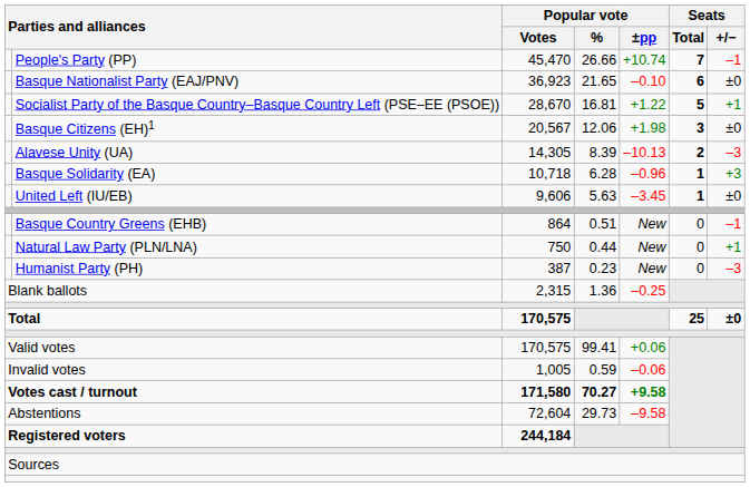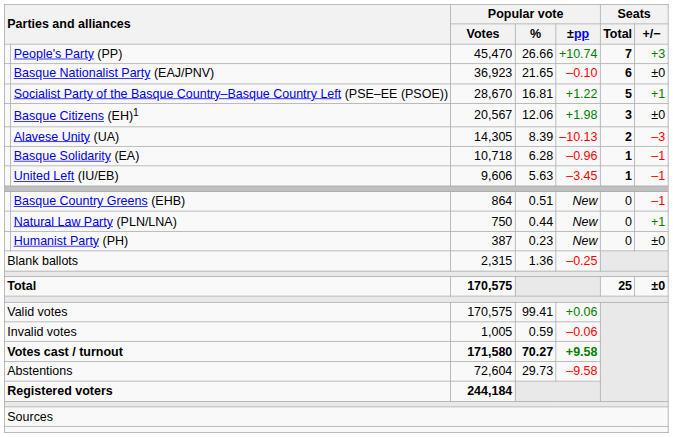 <table class="wikitable" style="text-align:right;">
 <tr>
 <th style="text-align:left;" rowspan="2" colspan="2" width="525">Parties and alliances</th>
 <th colspan="3">Popular vote</th>
 <th colspan="2">Seats</th>
 </tr>
 <tr>
 <th width="75">Votes</th>
 <th width="45">%</th>
 <th width="45">±<a href='#'>pp</a></th>
 <th width="35">Total</th>
 <th width="35">+/−</th>
 </tr>
 <tr>
 <td width="1" style="color:inherit;background:"></td>
 <td align="left"><a href='#'>People's Party</a> (PP)</td>
 <td>45,470</td>
 <td>26.66</td>
 <td style="color:green;">+10.74</td>
 <td><strong>7</strong></td>
-<td style="color:red;">–1</td>
+<td style="color:green;">+3</td>
 </tr>
 <tr>
 <td style="color:inherit;background:"></td>
 <td align="left"><a href='#'>Basque Nationalist Party</a> (EAJ/PNV)</td>
 <td>36,923</td>
 <td>21.65</td>
 <td style="color:red;">–0.10</td>
 <td><strong>6</strong></td>
 <td>±0</td>
 </tr>
 <tr>
 <td style="color:inherit;background:"></td>
 <td align="left"><a href='#'>Socialist Party of the Basque Country–Basque Country Left</a> (PSE–EE (PSOE))</td>
 <td>28,670</td>
 <td>16.81</td>
 <td style="color:green;">+1.22</td>
 <td><strong>5</strong></td>
 <td style="color:green;">+1</td>
 </tr>
 <tr>
 <td style="color:inherit;background:"></td>
 <td align="left"><a href='#'>Basque Citizens</a> (EH)<sup>1</sup></td>
 <td>20,567</td>
 <td>12.06</td>
 <td style="color:green;">+1.98</td>
 <td><strong>3</strong></td>
 <td>±0</td>
 </tr>
 <tr>
 <td style="color:inherit;background:"></td>
 <td align="left"><a href='#'>Alavese Unity</a> (UA)</td>
 <td>14,305</td>
 <td>8.39</td>
 <td style="color:red;">–10.13</td>
 <td><strong>2</strong></td>
 <td style="color:red;">–3</td>
 </tr>
 <tr>
 <td style="color:inherit;background:"></td>
 <td align="left"><a href='#'>Basque Solidarity</a> (EA)</td>
 <td>10,718</td>
 <td>6.28</td>
 <td style="color:red;">–0.96</td>
 <td><strong>1</strong></td>
-<td style="color:green;">+3</td>
+<td style="color:red;">–1</td>
 </tr>
 <tr>
 <td style="color:inherit;background:"></td>
 <td align="left"><a href='#'>United Left</a> (IU/EB)</td>
 <td>9,606</td>
 <td>5.63</td>
 <td style="color:red;">–3.45</td>
 <td><strong>1</strong></td>
-<td>±0</td>
+<td style="color:red;">–1</td>
 </tr>
 <tr>
 <td colspan="7" bgcolor="#C0C0C0"></td>
 </tr>
 <tr>
 <td style="color:inherit;background:"></td>
 <td align="left"><a href='#'>Basque Country Greens</a> (EHB)</td>
 <td>864</td>
 <td>0.51</td>
 <td><em>New</em></td>
 <td>0</td>
 <td style="color:red;">–1</td>
 </tr>
 <tr>
 <td style="color:inherit;background:"></td>
 <td align="left"><a href='#'>Natural Law Party</a> (PLN/LNA)</td>
 <td>750</td>
 <td>0.44</td>
 <td><em>New</em></td>
 <td>0</td>
 <td style="color:green;">+1</td>
 </tr>
 <tr>
 <td style="color:inherit;background:"></td>
 <td align="left"><a href='#'>Humanist Party</a> (PH)</td>
 <td>387</td>
 <td>0.23</td>
 <td><em>New</em></td>
 <td>0</td>
-<td style="color:red;">–3</td>
+<td>±0</td>
 </tr>
 <tr>
 <td align="left" colspan="2">Blank ballots</td>
 <td>2,315</td>
 <td>1.36</td>
 <td style="color:red;">–0.25</td>
 <td bgcolor="#E9E9E9" colspan="2"></td>
 </tr>
 <tr>
 <td colspan="7" bgcolor="#E9E9E9"></td>
 </tr>
 <tr style="font-weight:bold;">
 <td align="left" colspan="2">Total</td>
 <td>170,575</td>
 <td bgcolor="#E9E9E9" colspan="2"></td>
 <td>25</td>
 <td>±0</td>
 </tr>
 <tr>
 <td colspan="7" bgcolor="#E9E9E9"></td>
 </tr>
 <tr>
 <td align="left" colspan="2">Valid votes</td>
 <td>170,575</td>
 <td>99.41</td>
 <td style="color:green;">+0.06</td>
 <td bgcolor="#E9E9E9" colspan="2" rowspan="5"></td>
 </tr>
 <tr>
 <td align="left" colspan="2">Invalid votes</td>
 <td>1,005</td>
 <td>0.59</td>
 <td style="color:red;">–0.06</td>
 </tr>
 <tr style="font-weight:bold;">
 <td align="left" colspan="2">Votes cast / turnout</td>
 <td>171,580</td>
 <td>70.27</td>
 <td style="color:green;">+9.58</td>
 </tr>
 <tr>
 <td align="left" colspan="2">Abstentions</td>
 <td>72,604</td>
 <td>29.73</td>
 <td style="color:red;">–9.58</td>
 </tr>
 <tr style="font-weight:bold;">
 <td align="left" colspan="2">Registered voters</td>
 <td>244,184</td>
 <td bgcolor="#E9E9E9" colspan="2"></td>
 </tr>
 <tr>
 <td colspan="7" bgcolor="#E9E9E9"></td>
 </tr>
 <tr>
 <td align="left" colspan="7">Sources</td>
 </tr>
 <tr>
 <td colspan="7" style="text-align:left; max-width:790px;"></td>
 </tr>
 </table>
